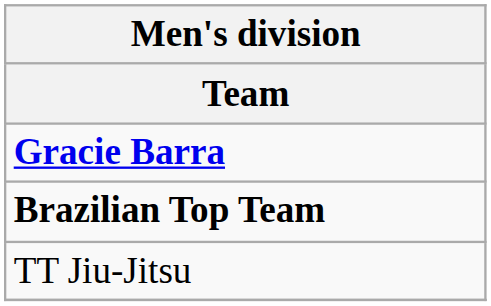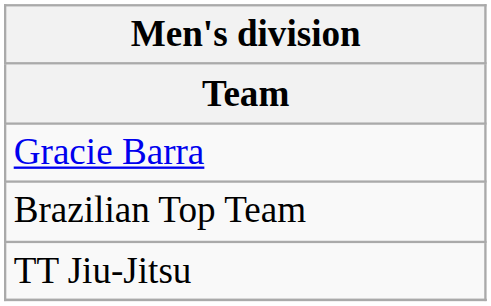 <table class="wikitable" style="text-align:center; display:inline-table;">
 <tr>
 <th colspan="2">Men's division</th>
 </tr>
 <tr>
 <th width="200">Team</th>
 </tr>
 <tr>
-<td style=text-align:left><strong><a href='#'>Gracie Barra</a></strong></td>
+<td style=text-align:left><a href='#'>Gracie Barra</a></td>
 </tr>
 <tr>
-<td style=text-align:left><strong>Brazilian Top Team</strong></td>
+<td style=text-align:left>Brazilian Top Team</td>
 </tr>
 <tr>
 <td style=text-align:left>TT Jiu-Jitsu</td>
 </tr>
 <tr>
 </tr>
 </table>
